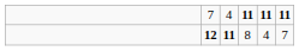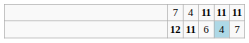 <table class="wikitable">
 <tr>
 <td style="width:15em"></td>
 <td align=center style="width:1em">7</td>
 <td align=center style="width:1em">4</td>
 <td align=center style="width:1em"><strong>11</strong></td>
 <td align=center style="width:1em"><strong>11</strong></td>
 <td align=center style="width:1em"><strong>11</strong></td>
 </tr>
 <tr>
 <td style="width:15em"></td>
 <td align=center style="width:1em"><strong>12</strong></td>
 <td align=center style="width:1em"><strong>11</strong></td>
-<td align=center style="width:1em">8</td>
-<td align=center style="width:1em">4</td>
+<td align=center style="width:1em">6</td>
+<td align=center style="background: lightblue; width:1em">4</td>
 <td align=center style="width:1em">7</td>
 </tr>
 </table>
